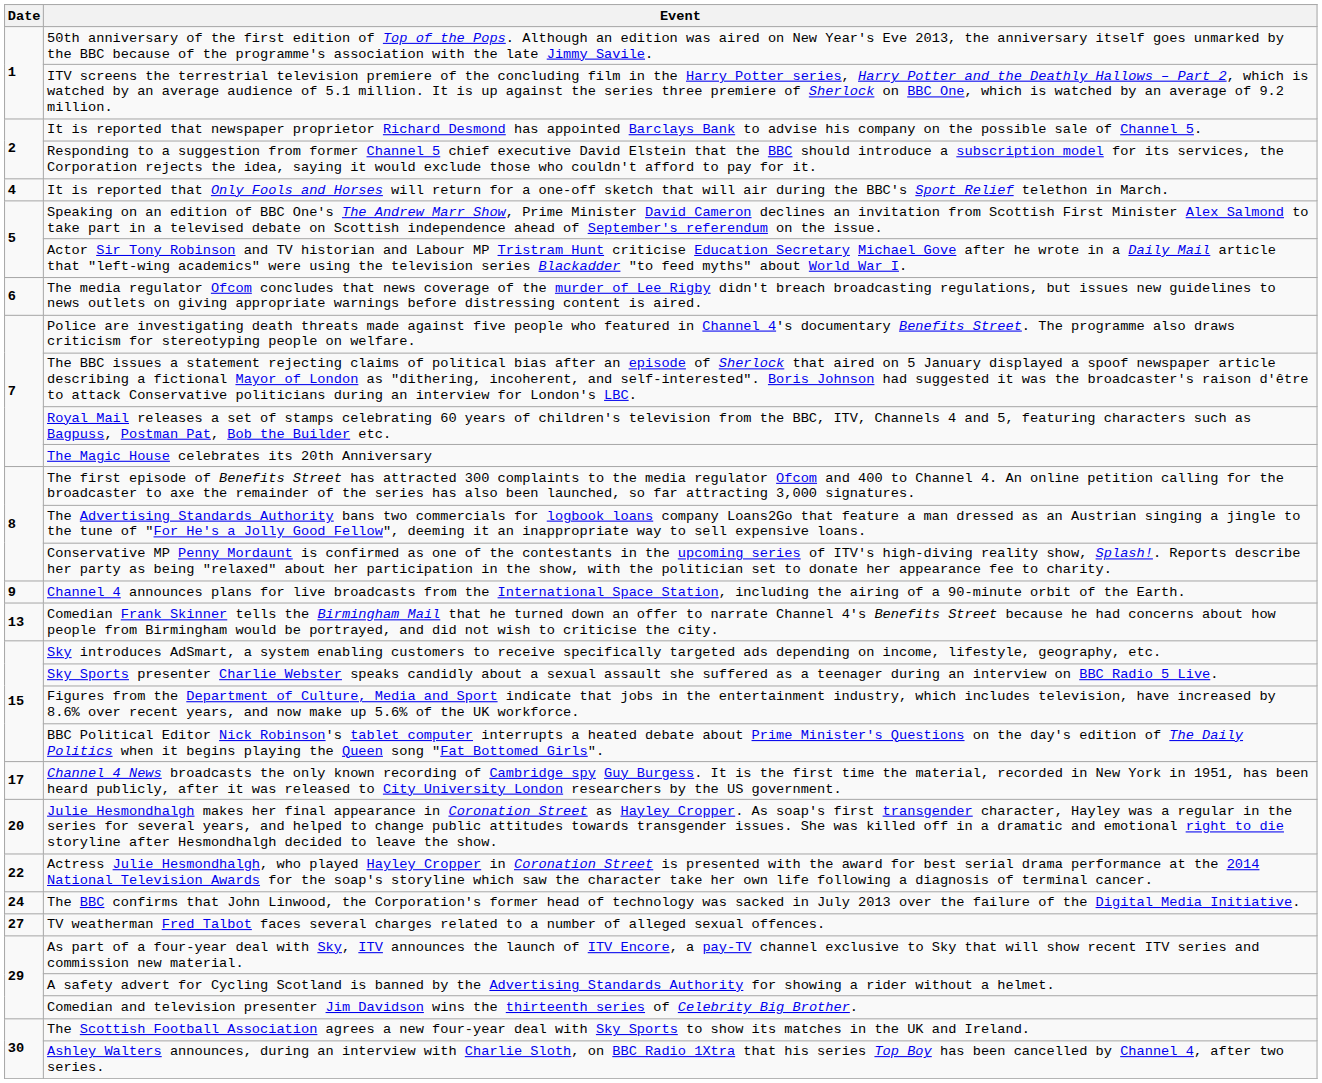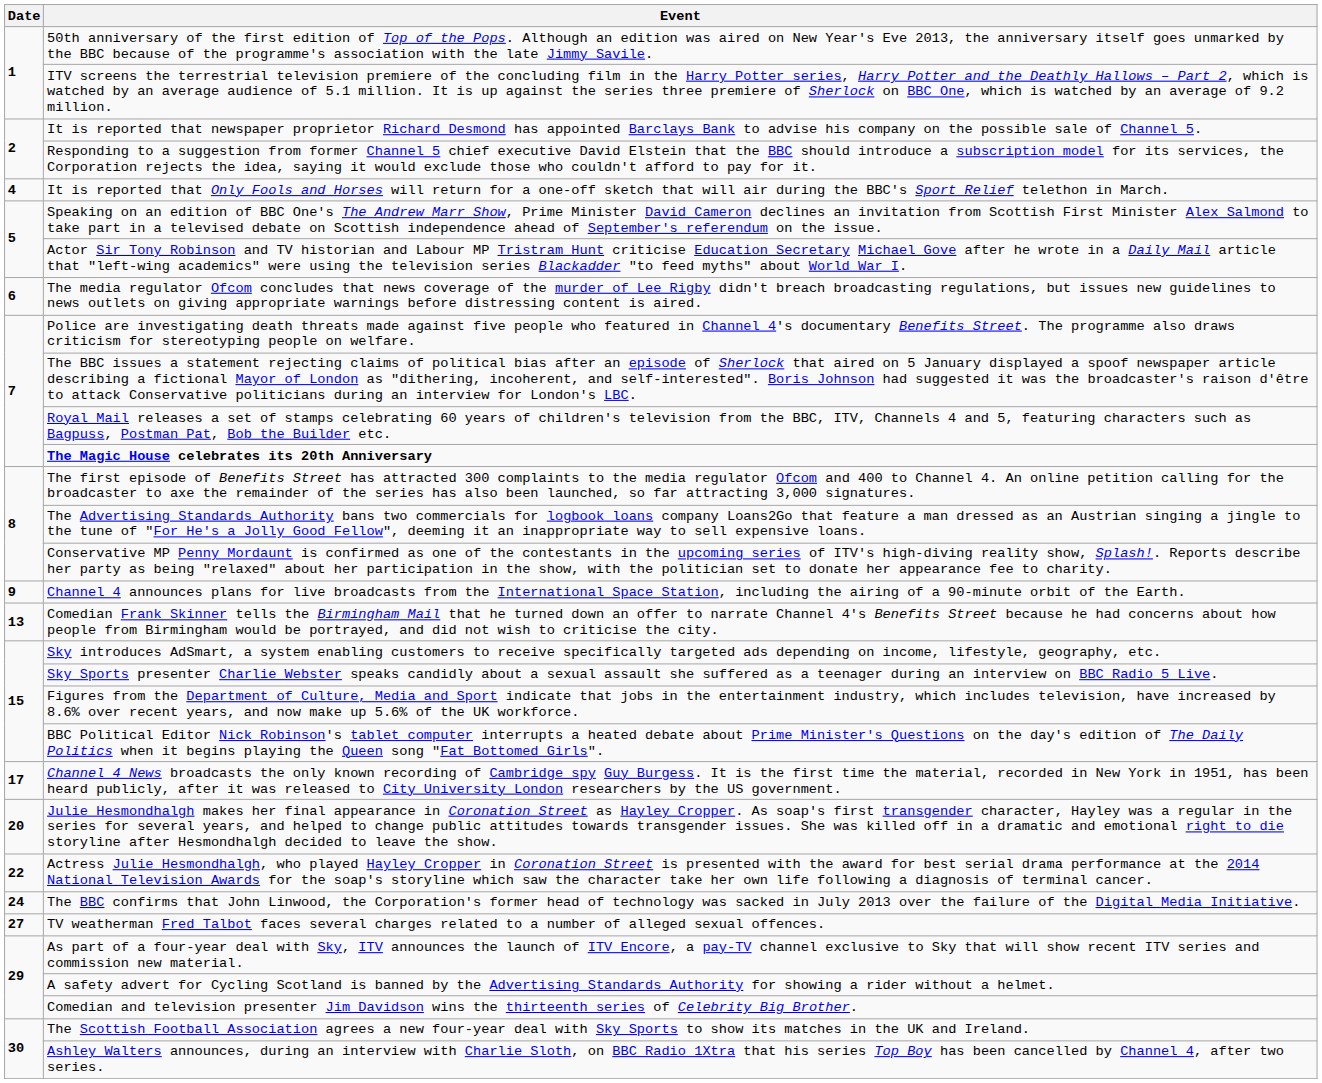 <table class="wikitable">
 <tr>
 <th>Date</th>
 <th>Event</th>
 </tr>
 <tr>
 <td rowspan=2><strong>1</strong></td>
 <td>50th anniversary of the first edition of <em><a href='#'>Top of the Pops</a></em>. Although an edition was aired on New Year's Eve 2013, the anniversary itself goes unmarked by the BBC because of the programme's association with the late <a href='#'>Jimmy Savile</a>.</td>
 </tr>
 <tr>
 <td>ITV screens the terrestrial television premiere of the concluding film in the <a href='#'>Harry Potter series</a>, <em><a href='#'>Harry Potter and the Deathly Hallows – Part 2</a></em>, which is watched by an average audience of 5.1 million. It is up against the series three premiere of <em><a href='#'>Sherlock</a></em> on <a href='#'>BBC One</a>, which is watched by an average of 9.2 million.</td>
 </tr>
 <tr>
 <td rowspan=2><strong>2</strong></td>
 <td>It is reported that newspaper proprietor <a href='#'>Richard Desmond</a> has appointed <a href='#'>Barclays Bank</a> to advise his company on the possible sale of <a href='#'>Channel 5</a>.</td>
 </tr>
 <tr>
 <td>Responding to a suggestion from former <a href='#'>Channel 5</a> chief executive David Elstein that the <a href='#'>BBC</a> should introduce a <a href='#'>subscription model</a> for its services, the Corporation rejects the idea, saying it would exclude those who couldn't afford to pay for it.</td>
 </tr>
 <tr>
 <td><strong>4</strong></td>
 <td>It is reported that <em><a href='#'>Only Fools and Horses</a></em> will return for a one-off sketch that will air during the BBC's <em><a href='#'>Sport Relief</a></em> telethon in March.</td>
 </tr>
 <tr>
 <td rowspan=2><strong>5</strong></td>
 <td>Speaking on an edition of BBC One's <em><a href='#'>The Andrew Marr Show</a></em>, Prime Minister <a href='#'>David Cameron</a> declines an invitation from Scottish First Minister <a href='#'>Alex Salmond</a> to take part in a televised debate on Scottish independence ahead of <a href='#'>September's referendum</a> on the issue.</td>
 </tr>
 <tr>
 <td>Actor <a href='#'>Sir Tony Robinson</a> and TV historian and Labour MP <a href='#'>Tristram Hunt</a> criticise <a href='#'>Education Secretary</a> <a href='#'>Michael Gove</a> after he wrote in a <em><a href='#'>Daily Mail</a></em> article that "left-wing academics" were using the television series <em><a href='#'>Blackadder</a></em> "to feed myths" about <a href='#'>World War I</a>.</td>
 </tr>
 <tr>
 <td><strong>6</strong></td>
 <td>The media regulator <a href='#'>Ofcom</a> concludes that news coverage of the <a href='#'>murder of Lee Rigby</a> didn't breach broadcasting regulations, but issues new guidelines to news outlets on giving appropriate warnings before distressing content is aired.</td>
 </tr>
 <tr>
 <td rowspan=4><strong>7</strong></td>
 <td>Police are investigating death threats made against five people who featured in <a href='#'>Channel 4</a>'s documentary <em><a href='#'>Benefits Street</a></em>. The programme also draws criticism for stereotyping people on welfare.</td>
 </tr>
 <tr>
 <td>The BBC issues a statement rejecting claims of political bias after an <a href='#'>episode</a> of <em><a href='#'>Sherlock</a></em> that aired on 5 January displayed a spoof newspaper article describing a fictional <a href='#'>Mayor of London</a> as "dithering, incoherent, and self-interested". <a href='#'>Boris Johnson</a> had suggested it was the broadcaster's raison d'être to attack Conservative politicians during an interview for London's <a href='#'>LBC</a>.</td>
 </tr>
 <tr>
 <td><a href='#'>Royal Mail</a> releases a set of stamps celebrating 60 years of children's television from the BBC, ITV, Channels 4 and 5, featuring characters such as <a href='#'>Bagpuss</a>, <a href='#'>Postman Pat</a>, <a href='#'>Bob the Builder</a> etc.</td>
 </tr>
 <tr>
-<td><a href='#'>The Magic House</a> celebrates its 20th Anniversary</td>
+<td><strong><a href='#'>The Magic House</a> celebrates its 20th Anniversary</strong></td>
 </tr>
 <tr>
 <td rowspan=3><strong>8</strong></td>
 <td>The first episode of <em>Benefits Street</em> has attracted 300 complaints to the media regulator <a href='#'>Ofcom</a> and 400 to Channel 4. An online petition calling for the broadcaster to axe the remainder of the series has also been launched, so far attracting 3,000 signatures.</td>
 </tr>
 <tr>
 <td>The <a href='#'>Advertising Standards Authority</a> bans two commercials for <a href='#'>logbook loans</a> company Loans2Go that feature a man dressed as an Austrian singing a jingle to the tune of "<a href='#'>For He's a Jolly Good Fellow</a>", deeming it an inappropriate way to sell expensive loans.</td>
 </tr>
 <tr>
 <td>Conservative MP <a href='#'>Penny Mordaunt</a> is confirmed as one of the contestants in the <a href='#'>upcoming series</a> of ITV's high-diving reality show, <em><a href='#'>Splash!</a></em>.  Reports describe her party as being "relaxed" about her participation in the show, with the politician set to donate her appearance fee to charity.</td>
 </tr>
 <tr>
 <td><strong>9</strong></td>
 <td><a href='#'>Channel 4</a> announces plans for live broadcasts from the <a href='#'>International Space Station</a>, including the airing of a 90-minute orbit of the Earth.</td>
 </tr>
 <tr>
 <td><strong>13</strong></td>
 <td>Comedian <a href='#'>Frank Skinner</a> tells the <em><a href='#'>Birmingham Mail</a></em> that he turned down an offer to narrate Channel 4's <em>Benefits Street</em> because he had concerns about how people from Birmingham would be portrayed, and did not wish to criticise the city.</td>
 </tr>
 <tr>
 <td rowspan=4><strong>15</strong></td>
 <td><a href='#'>Sky</a> introduces AdSmart, a system enabling customers to receive specifically targeted ads depending on income, lifestyle, geography, etc.</td>
 </tr>
 <tr>
 <td><a href='#'>Sky Sports</a> presenter <a href='#'>Charlie Webster</a> speaks candidly about a sexual assault she suffered as a teenager during an interview on <a href='#'>BBC Radio 5 Live</a>.</td>
 </tr>
 <tr>
 <td>Figures from the <a href='#'>Department of Culture, Media and Sport</a> indicate that jobs in the entertainment industry, which includes television, have increased by 8.6% over recent years, and now make up 5.6% of the UK workforce.</td>
 </tr>
 <tr>
 <td>BBC Political Editor <a href='#'>Nick Robinson</a>'s <a href='#'>tablet computer</a> interrupts a heated debate about <a href='#'>Prime Minister's Questions</a> on the day's edition of <em><a href='#'>The Daily Politics</a></em> when it begins playing the <a href='#'>Queen</a> song "<a href='#'>Fat Bottomed Girls</a>".</td>
 </tr>
 <tr>
 <td><strong>17</strong></td>
 <td><em><a href='#'>Channel 4 News</a></em> broadcasts the only known recording of <a href='#'>Cambridge spy</a> <a href='#'>Guy Burgess</a>. It is the first time the material, recorded in New York in 1951, has been heard publicly, after it was released to <a href='#'>City University London</a> researchers by the US government.</td>
 </tr>
 <tr>
 <td><strong>20</strong></td>
 <td><a href='#'>Julie Hesmondhalgh</a> makes her final appearance in <em><a href='#'>Coronation Street</a></em> as <a href='#'>Hayley Cropper</a>. As soap's first <a href='#'>transgender</a> character, Hayley was a regular in the series for several years, and helped to change public attitudes towards transgender issues. She was killed off in a dramatic and emotional <a href='#'>right to die</a> storyline after Hesmondhalgh decided to leave the show.</td>
 </tr>
 <tr>
 <td><strong>22</strong></td>
 <td>Actress <a href='#'>Julie Hesmondhalgh</a>, who played <a href='#'>Hayley Cropper</a> in <em><a href='#'>Coronation Street</a></em> is presented with the award for best serial drama performance at the <a href='#'>2014 National Television Awards</a> for the soap's storyline which saw the character take her own life following a diagnosis of terminal cancer.</td>
 </tr>
 <tr>
 <td><strong>24</strong></td>
 <td>The <a href='#'>BBC</a> confirms that John Linwood, the Corporation's former head of technology was sacked in July 2013 over the failure of the <a href='#'>Digital Media Initiative</a>.</td>
 </tr>
 <tr>
 <td><strong>27</strong></td>
 <td>TV weatherman <a href='#'>Fred Talbot</a> faces several charges related to a number of alleged sexual offences.</td>
 </tr>
 <tr>
 <td rowspan=3><strong>29</strong></td>
 <td>As part of a four-year deal with <a href='#'>Sky</a>, <a href='#'>ITV</a> announces the launch of <a href='#'>ITV Encore</a>, a <a href='#'>pay-TV</a> channel exclusive to Sky that will show recent ITV series and commission new material.</td>
 </tr>
 <tr>
 <td>A safety advert for Cycling Scotland is banned by the <a href='#'>Advertising Standards Authority</a> for showing a rider without a helmet.</td>
 </tr>
 <tr>
 <td>Comedian and television presenter <a href='#'>Jim Davidson</a> wins the <a href='#'>thirteenth series</a> of <em><a href='#'>Celebrity Big Brother</a></em>.</td>
 </tr>
 <tr>
 <td rowspan=2><strong>30</strong></td>
 <td>The <a href='#'>Scottish Football Association</a> agrees a new four-year deal with <a href='#'>Sky Sports</a> to show its matches in the UK and Ireland.</td>
 </tr>
 <tr>
 <td><a href='#'>Ashley Walters</a> announces, during an interview with <a href='#'>Charlie Sloth</a>, on <a href='#'>BBC Radio 1Xtra</a> that his series <em><a href='#'>Top Boy</a></em> has been cancelled by <a href='#'>Channel 4</a>, after two series.</td>
 </tr>
 </table>
